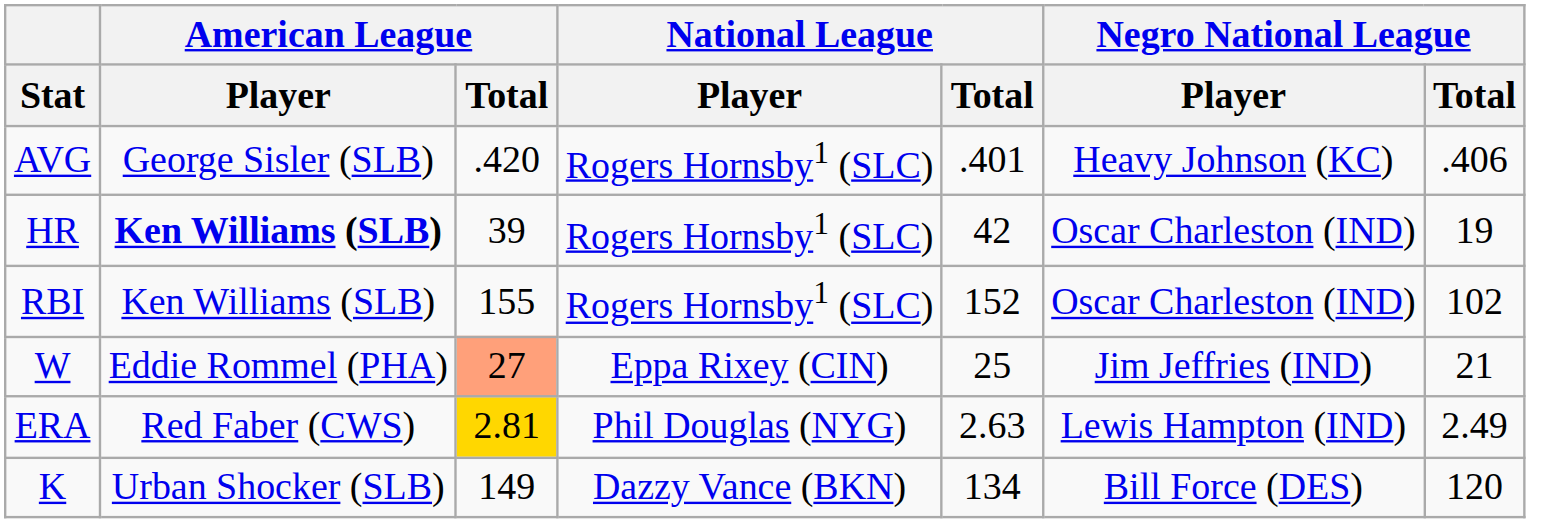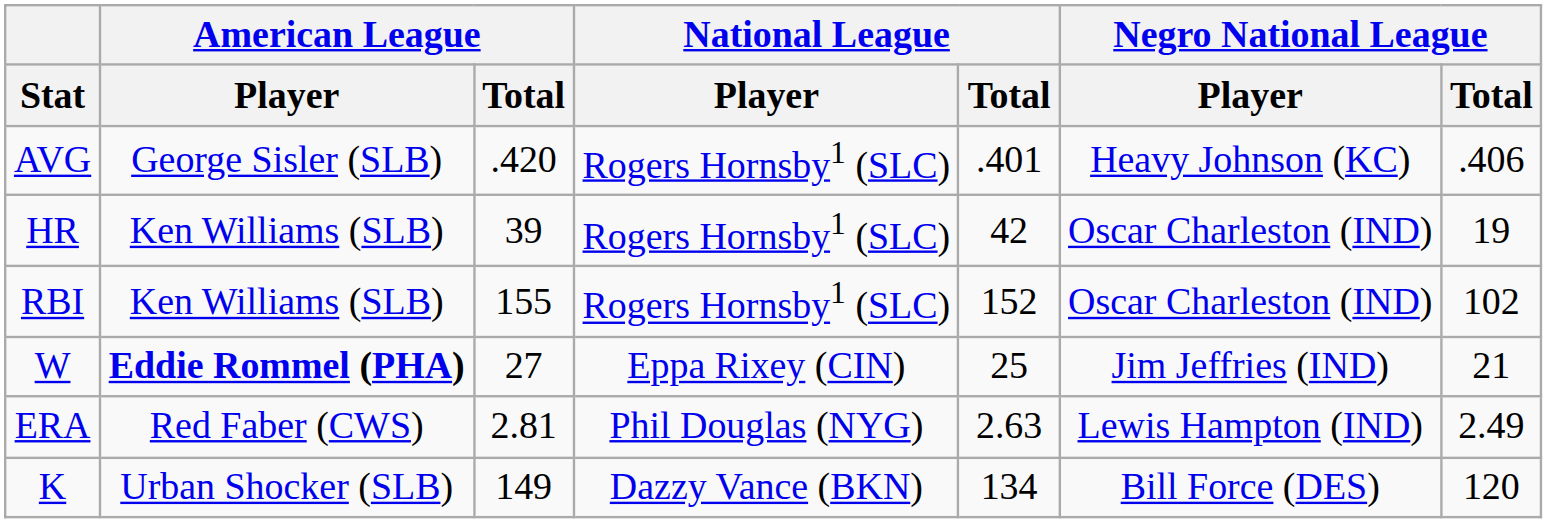 <table class="wikitable" style="text-align:center;">
 <tr>
 <th></th>
 <th colspan=2><a href='#'>American League</a></th>
 <th colspan=2><a href='#'>National League</a></th>
 <th colspan=2><a href='#'>Negro National League</a></th>
 </tr>
 <tr>
 <th>Stat</th>
 <th>Player</th>
 <th>Total</th>
 <th>Player</th>
 <th>Total</th>
 <th>Player</th>
 <th>Total</th>
 </tr>
 <tr>
 <td><a href='#'>AVG</a></td>
 <td><a href='#'>George Sisler</a> (<a href='#'>SLB</a>)</td>
 <td>.420</td>
 <td><a href='#'>Rogers Hornsby</a><sup>1</sup> (<a href='#'>SLC</a>)</td>
 <td>.401</td>
 <td><a href='#'>Heavy Johnson</a> (<a href='#'>KC</a>)</td>
 <td>.406</td>
 </tr>
 <tr>
 <td><a href='#'>HR</a></td>
-<td><strong><a href='#'>Ken Williams</a> (<a href='#'>SLB</a>)</strong></td>
+<td><a href='#'>Ken Williams</a> (<a href='#'>SLB</a>)</td>
 <td>39</td>
 <td><a href='#'>Rogers Hornsby</a><sup>1</sup> (<a href='#'>SLC</a>)</td>
 <td>42</td>
 <td><a href='#'>Oscar Charleston</a> (<a href='#'>IND</a>)</td>
 <td>19</td>
 </tr>
 <tr>
 <td><a href='#'>RBI</a></td>
 <td><a href='#'>Ken Williams</a> (<a href='#'>SLB</a>)</td>
 <td>155</td>
 <td><a href='#'>Rogers Hornsby</a><sup>1</sup> (<a href='#'>SLC</a>)</td>
 <td>152</td>
 <td><a href='#'>Oscar Charleston</a> (<a href='#'>IND</a>)</td>
 <td>102</td>
 </tr>
 <tr>
 <td><a href='#'>W</a></td>
-<td><a href='#'>Eddie Rommel</a> (<a href='#'>PHA</a>)</td>
-<td style="background: lightsalmon;">27</td>
+<td><strong><a href='#'>Eddie Rommel</a> (<a href='#'>PHA</a>)</strong></td>
+<td>27</td>
 <td><a href='#'>Eppa Rixey</a> (<a href='#'>CIN</a>)</td>
 <td>25</td>
 <td><a href='#'>Jim Jeffries</a> (<a href='#'>IND</a>)</td>
 <td>21</td>
 </tr>
 <tr>
 <td><a href='#'>ERA</a></td>
 <td><a href='#'>Red Faber</a> (<a href='#'>CWS</a>)</td>
-<td style="background: gold;">2.81</td>
+<td>2.81</td>
 <td><a href='#'>Phil Douglas</a> (<a href='#'>NYG</a>)</td>
 <td>2.63</td>
 <td><a href='#'>Lewis Hampton</a> (<a href='#'>IND</a>)</td>
 <td>2.49</td>
 </tr>
 <tr>
 <td><a href='#'>K</a></td>
 <td><a href='#'>Urban Shocker</a> (<a href='#'>SLB</a>)</td>
 <td>149</td>
 <td><a href='#'>Dazzy Vance</a> (<a href='#'>BKN</a>)</td>
 <td>134</td>
 <td><a href='#'>Bill Force</a> (<a href='#'>DES</a>)</td>
 <td>120</td>
 </tr>
 </table>
